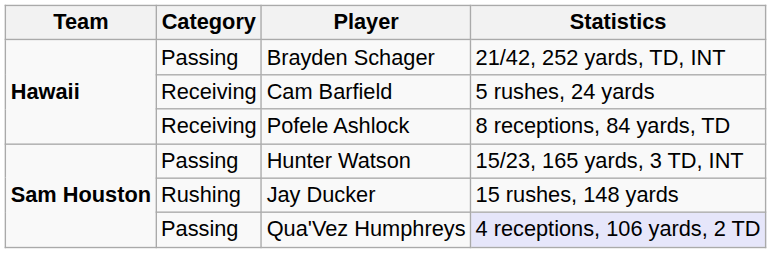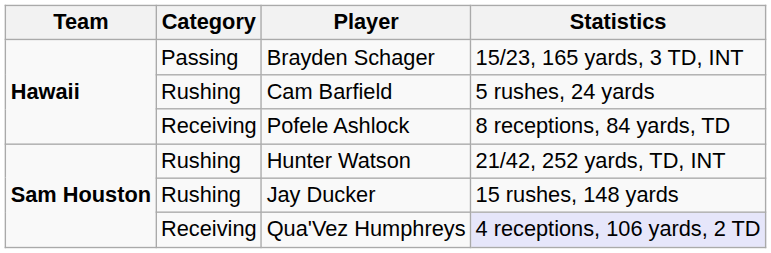 <table class="wikitable" style="float: right;">
 <tr>
 <th>Team</th>
 <th>Category</th>
 <th>Player</th>
 <th>Statistics</th>
 </tr>
 <tr>
 <td rowspan=3><strong>Hawaii</strong></td>
 <td>Passing</td>
 <td>Brayden Schager</td>
-<td>21/42, 252 yards, TD, INT</td>
+<td>15/23, 165 yards, 3 TD, INT</td>
 </tr>
 <tr>
-<td>Receiving</td>
+<td>Rushing</td>
 <td>Cam Barfield</td>
 <td>5 rushes, 24 yards</td>
 </tr>
 <tr>
 <td>Receiving</td>
 <td>Pofele Ashlock</td>
 <td>8 receptions, 84 yards, TD</td>
 </tr>
 <tr>
 <td rowspan=3><strong>Sam Houston</strong></td>
-<td>Passing</td>
+<td>Rushing</td>
 <td>Hunter Watson</td>
-<td>15/23, 165 yards, 3 TD, INT</td>
+<td>21/42, 252 yards, TD, INT</td>
 </tr>
 <tr>
 <td>Rushing</td>
 <td>Jay Ducker</td>
 <td>15 rushes, 148 yards</td>
 </tr>
 <tr>
-<td>Passing</td>
+<td>Receiving</td>
 <td>Qua'Vez Humphreys</td>
 <td style="background: lavender;">4 receptions, 106 yards, 2 TD</td>
 </tr>
 </table>
